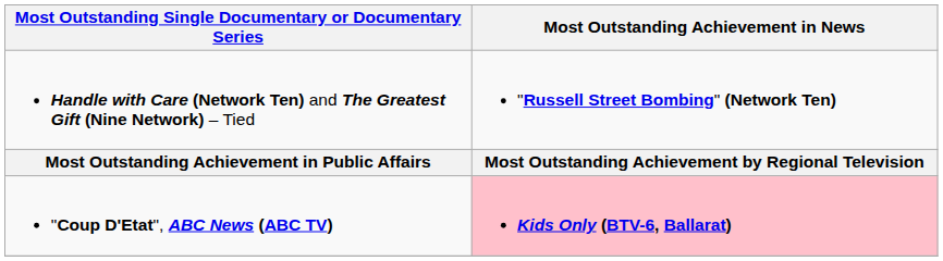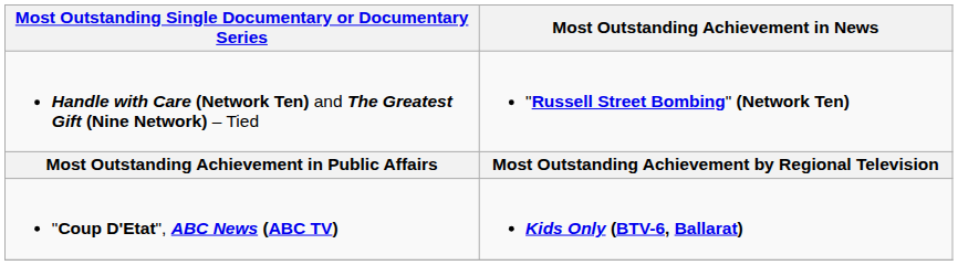 <table class=wikitable width="100%">
 <tr>
 <th width="50%"><a href='#'>Most Outstanding Single Documentary or Documentary Series</a></th>
 <th width="50%">Most Outstanding Achievement in News</th>
 </tr>
 <tr>
 <td valign="top"><br><ul><li><strong><em>Handle with Care</em></strong> <strong>(Network Ten)</strong> and <strong><em>The Greatest Gift</em></strong> <strong>(Nine Network)</strong> – Tied</li></ul></td>
 <td valign="top"><br><ul><li>"<strong><a href='#'>Russell Street Bombing</a></strong>" <strong>(Network Ten)</strong></li></ul></td>
 </tr>
 <tr>
 <th width="50%">Most Outstanding Achievement in Public Affairs</th>
 <th width="50%">Most Outstanding Achievement by Regional Television</th>
 </tr>
 <tr>
 <td valign="top"><br><ul><li>"<strong>Coup D'Etat</strong>", <strong><em><a href='#'>ABC News</a></em></strong> <strong>(<a href='#'>ABC TV</a>)</strong></li></ul></td>
-<td valign="top" style="background: pink;"><br><ul><li><strong><em><a href='#'>Kids Only</a></em></strong> <strong>(<a href='#'>BTV-6</a>, <a href='#'>Ballarat</a>)</strong></li></ul></td>
+<td valign="top"><br><ul><li><strong><em><a href='#'>Kids Only</a></em></strong> <strong>(<a href='#'>BTV-6</a>, <a href='#'>Ballarat</a>)</strong></li></ul></td>
 </tr>
 <tr>
 </tr>
 </table>
